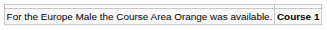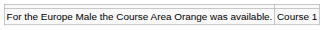 <table class="wikitable" style="text-align:center;">
 <tr>
 <td></td>
 <td></td>
 </tr>
 <tr>
 <td>For the Europe Male the Course Area Orange was available.</td>
-<td><strong>Course 1</strong></td>
+<td>Course 1</td>
 </tr>
 </table>
